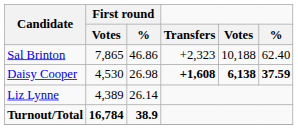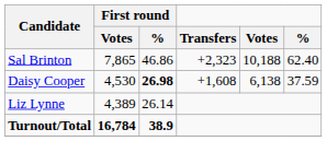 <table class=wikitable style=text-align:right>
 <tr>
 <th rowspan=2>Candidate</th>
 <th colspan=2>First round</th>
 </tr>
 <tr>
 <th>Votes</th>
 <th>%</th>
 <th>Transfers</th>
 <th>Votes</th>
 <th>%</th>
 </tr>
 <tr>
 <td align=left><a href='#'>Sal Brinton</a></td>
 <td>7,865</td>
 <td>46.86</td>
 <td>+2,323</td>
 <td>10,188</td>
 <td>62.40</td>
 </tr>
 <tr>
 <td align=left><a href='#'>Daisy Cooper</a></td>
 <td>4,530</td>
-<td>26.98</td>
-<td><strong>+1,608</strong></td>
-<td><strong>6,138</strong></td>
-<td><strong>37.59</strong></td>
+<td><strong>26.98</strong></td>
+<td>+1,608</td>
+<td>6,138</td>
+<td>37.59</td>
 </tr>
 <tr>
 <td align=left><a href='#'>Liz Lynne</a></td>
 <td>4,389</td>
 <td>26.14</td>
 <td colspan=3></td>
 </tr>
 <tr>
 <td align=left><strong>Turnout/Total</strong></td>
 <td><strong>16,784</strong></td>
 <td><strong>38.9</strong></td>
 <td colspan=3></td>
 </tr>
 <tr>
 </tr>
 </table>
